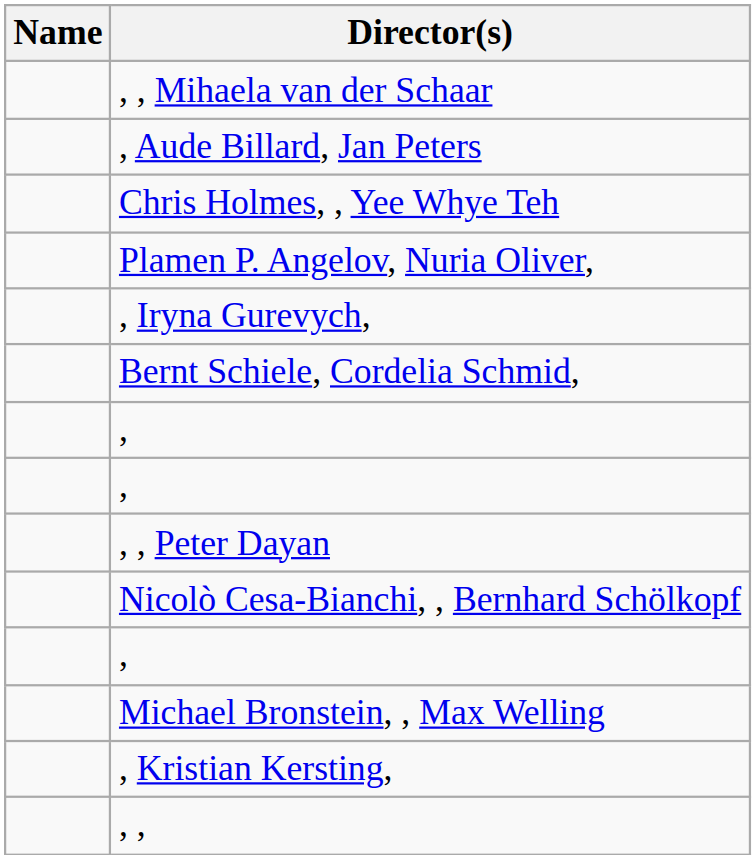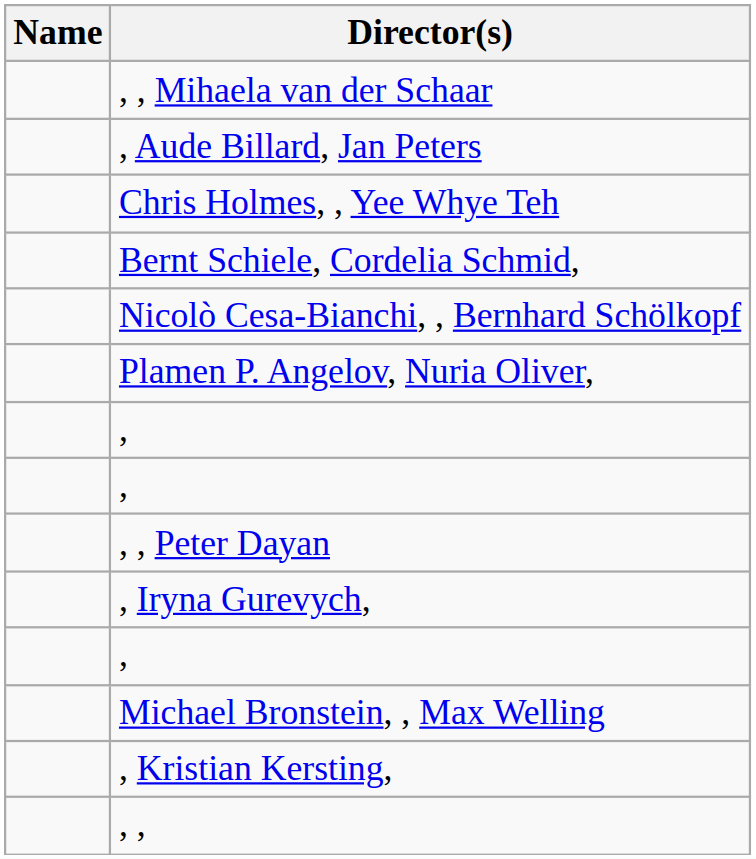 <table class="wikitable">
 <tr>
 <th>Name</th>
 <th>Director(s)</th>
 </tr>
 <tr>
 <td></td>
 <td>, , <a href='#'>Mihaela van der Schaar</a></td>
 </tr>
 <tr>
 <td></td>
 <td>, <a href='#'>Aude Billard</a>, <a href='#'>Jan Peters</a></td>
 </tr>
 <tr>
 <td></td>
 <td><a href='#'>Chris Holmes</a>, , <a href='#'>Yee Whye Teh</a></td>
 </tr>
 <tr>
 <td></td>
-<td><a href='#'>Plamen P. Angelov</a>, <a href='#'>Nuria Oliver</a>, </td>
+<td><a href='#'>Bernt Schiele</a>, <a href='#'>Cordelia Schmid</a>, </td>
 </tr>
 <tr>
 <td></td>
-<td>, <a href='#'>Iryna Gurevych</a>, </td>
+<td><a href='#'>Nicolò Cesa-Bianchi</a>, , <a href='#'>Bernhard Schölkopf</a></td>
 </tr>
 <tr>
 <td></td>
-<td><a href='#'>Bernt Schiele</a>, <a href='#'>Cordelia Schmid</a>, </td>
+<td><a href='#'>Plamen P. Angelov</a>, <a href='#'>Nuria Oliver</a>, </td>
 </tr>
 <tr>
 <td></td>
 <td>, </td>
 </tr>
 <tr>
 <td></td>
 <td>, </td>
 </tr>
 <tr>
 <td></td>
 <td>, , <a href='#'>Peter Dayan</a></td>
 </tr>
 <tr>
 <td></td>
-<td><a href='#'>Nicolò Cesa-Bianchi</a>, , <a href='#'>Bernhard Schölkopf</a></td>
+<td>, <a href='#'>Iryna Gurevych</a>, </td>
 </tr>
 <tr>
 <td></td>
 <td>, </td>
 </tr>
 <tr>
 <td></td>
 <td><a href='#'>Michael Bronstein</a>, , <a href='#'>Max Welling</a></td>
 </tr>
 <tr>
 <td></td>
 <td>, <a href='#'>Kristian Kersting</a>, </td>
 </tr>
 <tr>
 <td></td>
 <td>, , </td>
 </tr>
 </table>
